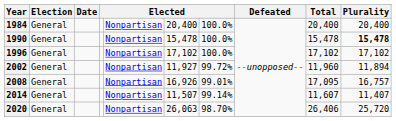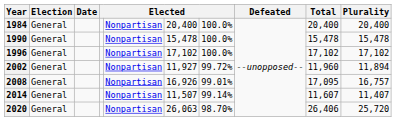 <table class=wikitable>
 <tr>
 <th>Year</th>
 <th>Election</th>
 <th>Date</th>
 <th ! colspan="4">Elected</th>
 <th ! colspan="4">Defeated</th>
 <th>Total</th>
 <th>Plurality</th>
 </tr>
 <tr>
 <th valign="top">1984</th>
 <td valign="top">General</td>
 <td valign="top"></td>
 <td valign="top"></td>
 <td valign="top" ><a href='#'>Nonpartisan</a></td>
 <td valign="top" align="right">20,400</td>
 <td valign="top" align="right">100.0%</td>
 <td colspan="4" rowspan="7"><em>--unopposed--</em></td>
 <td valign="top" align="right">20,400</td>
 <td valign="top" align="right">20,400</td>
 </tr>
 <tr>
 <th valign="top">1990</th>
 <td valign="top">General</td>
 <td valign="top"></td>
 <td valign="top"></td>
 <td valign="top" ><a href='#'>Nonpartisan</a></td>
 <td valign="top" align="right">15,478</td>
 <td valign="top" align="right">100.0%</td>
 <td valign="top" align="right">15,478</td>
-<td valign="top" align="right"><strong>15,478</strong></td>
+<td valign="top" align="right">15,478</td>
 </tr>
 <tr>
 <th valign="top">1996</th>
 <td valign="top">General</td>
 <td valign="top"></td>
 <td valign="top"></td>
 <td valign="top" ><a href='#'>Nonpartisan</a></td>
 <td valign="top" align="right">17,102</td>
 <td valign="top" align="right">100.0%</td>
 <td valign="top" align="right">17,102</td>
 <td valign="top" align="right">17,102</td>
 </tr>
 <tr>
 <th valign="top">2002</th>
 <td valign="top">General</td>
 <td valign="top"></td>
 <td valign="top"></td>
 <td valign="top" ><a href='#'>Nonpartisan</a></td>
 <td valign="top" align="right">11,927</td>
 <td valign="top" align="right">99.72%</td>
 <td valign="top" align="right">11,960</td>
 <td valign="top" align="right">11,894</td>
 </tr>
 <tr>
 <th valign="top">2008</th>
 <td valign="top">General</td>
 <td valign="top"></td>
 <td valign="top"></td>
 <td valign="top" ><a href='#'>Nonpartisan</a></td>
 <td valign="top" align="right">16,926</td>
 <td valign="top" align="right">99.01%</td>
 <td valign="top" align="right">17,095</td>
 <td valign="top" align="right">16,757</td>
 </tr>
 <tr>
 <th valign="top">2014</th>
 <td valign="top">General</td>
 <td valign="top"></td>
 <td valign="top"></td>
 <td valign="top" ><a href='#'>Nonpartisan</a></td>
 <td valign="top" align="right">11,507</td>
 <td valign="top" align="right">99.14%</td>
 <td valign="top" align="right">11,607</td>
 <td valign="top" align="right">11,407</td>
 </tr>
 <tr>
 <th valign="top">2020</th>
 <td valign="top">General</td>
 <td valign="top"></td>
 <td valign="top"></td>
 <td valign="top" ><a href='#'>Nonpartisan</a></td>
 <td valign="top" align="right">26,063</td>
 <td valign="top" align="right">98.70%</td>
 <td valign="top" align="right">26,406</td>
 <td valign="top" align="right">25,720</td>
 </tr>
 </table>
